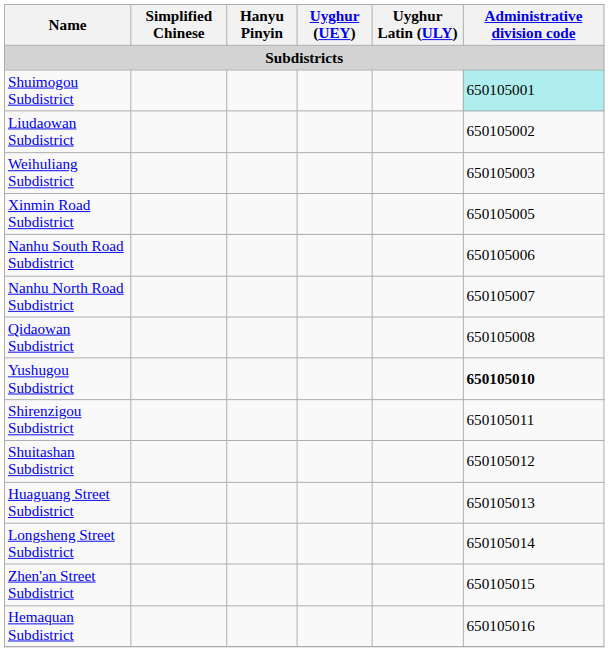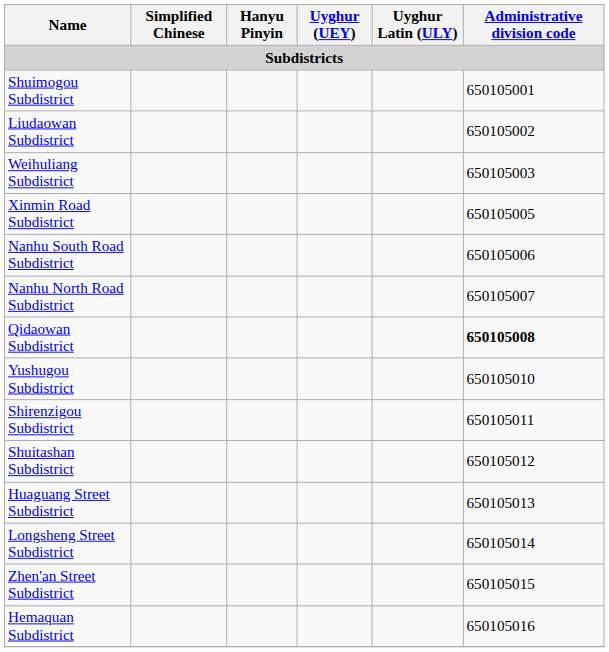 <table class="wikitable" align="center" style="width:50%; border="1">
 <tr>
 <th>Name</th>
 <th>Simplified Chinese</th>
 <th>Hanyu Pinyin</th>
 <th><a href='#'>Uyghur</a> (<a href='#'>UEY</a>)</th>
 <th>Uyghur Latin (<a href='#'>ULY</a>)</th>
 <th><a href='#'>Administrative division code</a></th>
 </tr>
 <tr>
 <td colspan="7"  style="text-align:center; background:#d3d3d3;"><strong>Subdistricts</strong></td>
 </tr>
 <tr --------->
 <td><a href='#'>Shuimogou Subdistrict</a></td>
 <td></td>
 <td></td>
 <td></td>
 <td></td>
-<td style="background: paleturquoise;">650105001</td>
+<td>650105001</td>
 </tr>
 <tr>
 <td><a href='#'>Liudaowan Subdistrict</a></td>
 <td></td>
 <td></td>
 <td></td>
 <td></td>
 <td>650105002</td>
 </tr>
 <tr>
 <td><a href='#'>Weihuliang Subdistrict</a></td>
 <td></td>
 <td></td>
 <td></td>
 <td></td>
 <td>650105003</td>
 </tr>
 <tr>
 <td><a href='#'>Xinmin Road Subdistrict</a></td>
 <td></td>
 <td></td>
 <td></td>
 <td></td>
 <td>650105005</td>
 </tr>
 <tr>
 <td><a href='#'>Nanhu South Road Subdistrict</a></td>
 <td></td>
 <td></td>
 <td></td>
 <td></td>
 <td>650105006</td>
 </tr>
 <tr>
 <td><a href='#'>Nanhu North Road Subdistrict</a></td>
 <td></td>
 <td></td>
 <td></td>
 <td></td>
 <td>650105007</td>
 </tr>
 <tr>
 <td><a href='#'>Qidaowan Subdistrict</a></td>
 <td></td>
 <td></td>
 <td></td>
 <td></td>
-<td>650105008</td>
+<td><strong>650105008</strong></td>
 </tr>
 <tr>
 <td><a href='#'>Yushugou Subdistrict</a></td>
 <td></td>
 <td></td>
 <td></td>
 <td></td>
-<td><strong>650105010</strong></td>
+<td>650105010</td>
 </tr>
 <tr>
 <td><a href='#'>Shirenzigou Subdistrict</a></td>
 <td></td>
 <td></td>
 <td></td>
 <td></td>
 <td>650105011</td>
 </tr>
 <tr>
 <td><a href='#'>Shuitashan Subdistrict</a></td>
 <td></td>
 <td></td>
 <td></td>
 <td></td>
 <td>650105012</td>
 </tr>
 <tr>
 <td><a href='#'>Huaguang Street Subdistrict</a></td>
 <td></td>
 <td></td>
 <td></td>
 <td></td>
 <td>650105013</td>
 </tr>
 <tr>
 <td><a href='#'>Longsheng Street Subdistrict</a></td>
 <td></td>
 <td></td>
 <td></td>
 <td></td>
 <td>650105014</td>
 </tr>
 <tr>
 <td><a href='#'>Zhen'an Street Subdistrict</a></td>
 <td></td>
 <td></td>
 <td></td>
 <td></td>
 <td>650105015</td>
 </tr>
 <tr>
 <td><a href='#'>Hemaquan Subdistrict</a></td>
 <td></td>
 <td></td>
 <td></td>
 <td></td>
 <td>650105016</td>
 </tr>
 <tr>
 </tr>
 </table>
